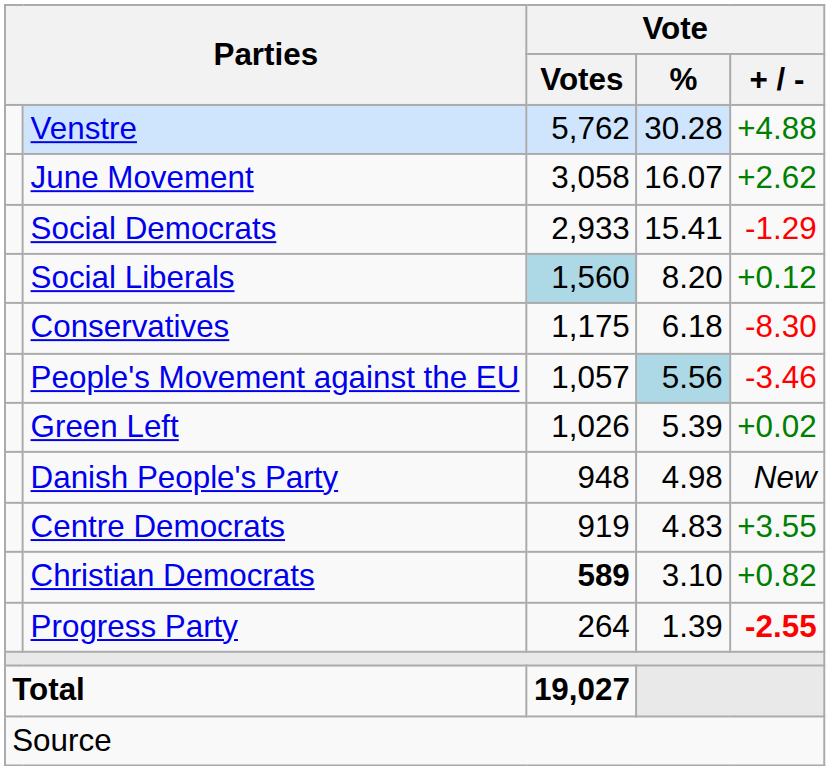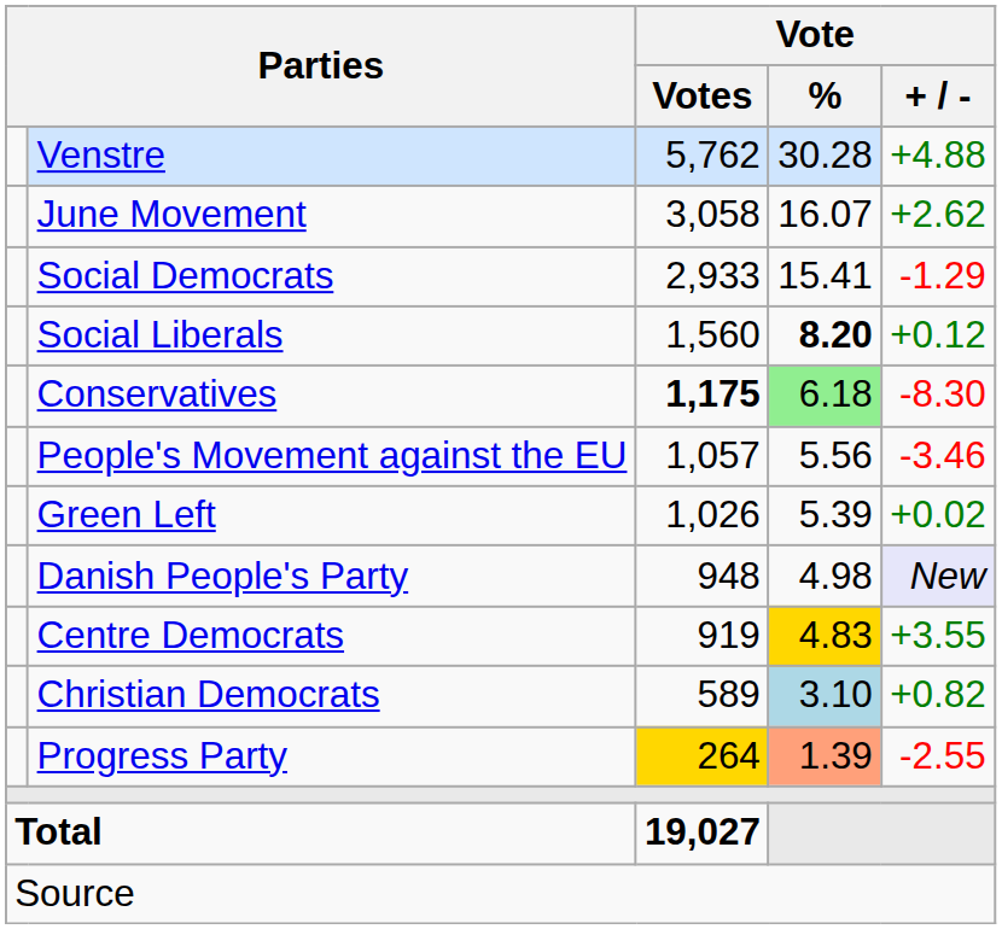 <table class="wikitable" style="text-align:right;">
 <tr>
 <th style="text-align:centre;" rowspan="2" colspan="2" width="225">Parties</th>
 <th colspan="3">Vote</th>
 </tr>
 <tr>
 <th width="15">Votes</th>
 <th width="15">%</th>
 <th width="15">+ / -</th>
 </tr>
 <tr>
 <td width="2" style="color:inherit;background:"></td>
 <td bgcolor=#cfe5fe   align="left"><a href='#'>Venstre</a></td>
 <td bgcolor=#cfe5fe>5,762</td>
 <td bgcolor=#cfe5fe>30.28</td>
 <td style=color:green;>+4.88</td>
 </tr>
 <tr>
 <td width="2" style="color:inherit;background:"></td>
 <td align="left"><a href='#'>June Movement</a></td>
 <td>3,058</td>
 <td>16.07</td>
 <td style=color:green;>+2.62</td>
 </tr>
 <tr>
 <td width="2" style="color:inherit;background:"></td>
 <td align="left"><a href='#'>Social Democrats</a></td>
 <td>2,933</td>
 <td>15.41</td>
 <td style=color:red;>-1.29</td>
 </tr>
 <tr>
 <td width="2" style="color:inherit;background:"></td>
 <td align="left"><a href='#'>Social Liberals</a></td>
-<td style="background: lightblue;">1,560</td>
-<td>8.20</td>
+<td>1,560</td>
+<td><strong>8.20</strong></td>
 <td style=color:green;>+0.12</td>
 </tr>
 <tr>
 <td width="2" style="color:inherit;background:"></td>
 <td align="left"><a href='#'>Conservatives</a></td>
-<td>1,175</td>
-<td>6.18</td>
+<td><strong>1,175</strong></td>
+<td style="background: lightgreen;">6.18</td>
 <td style=color:red;>-8.30</td>
 </tr>
 <tr>
 <td width="2" style="color:inherit;background:"></td>
 <td align="left"><a href='#'>People's Movement against the EU</a></td>
 <td>1,057</td>
-<td style="background: lightblue;">5.56</td>
+<td>5.56</td>
 <td style=color:red;>-3.46</td>
 </tr>
 <tr>
 <td width="2" style="color:inherit;background:"></td>
 <td align="left"><a href='#'>Green Left</a></td>
 <td>1,026</td>
 <td>5.39</td>
 <td style=color:green;>+0.02</td>
 </tr>
 <tr>
 <td width="2" style="color:inherit;background:"></td>
 <td align="left"><a href='#'>Danish People's Party</a></td>
 <td>948</td>
 <td>4.98</td>
-<td><em>New</em></td>
+<td style="background: lavender;"><em>New</em></td>
 </tr>
 <tr>
 <td width="2" style="color:inherit;background:"></td>
 <td align="left"><a href='#'>Centre Democrats</a></td>
 <td>919</td>
-<td>4.83</td>
+<td style="background: gold;">4.83</td>
 <td style=color:green;>+3.55</td>
 </tr>
 <tr>
 <td width="2" style="color:inherit;background:"></td>
 <td align="left"><a href='#'>Christian Democrats</a></td>
-<td><strong>589</strong></td>
-<td>3.10</td>
+<td>589</td>
+<td style="background: lightblue;">3.10</td>
 <td style=color:green;>+0.82</td>
 </tr>
 <tr>
 <td width="2" style="color:inherit;background:"></td>
 <td align="left"><a href='#'>Progress Party</a></td>
-<td>264</td>
-<td>1.39</td>
-<td style=color:red;><strong>-2.55</strong></td>
+<td style="background: gold;">264</td>
+<td style="background: lightsalmon;">1.39</td>
+<td style=color:red;>-2.55</td>
 </tr>
 <tr>
 <td colspan="7" bgcolor="#E9E9E9"></td>
 </tr>
 <tr>
 <td align="left" colspan="2"><strong>Total</strong></td>
 <td><strong>19,027</strong></td>
 <td bgcolor="#E9E9E9" colspan="2"></td>
 </tr>
 <tr>
 <td align="left" colspan="6">Source</td>
 </tr>
 </table>
